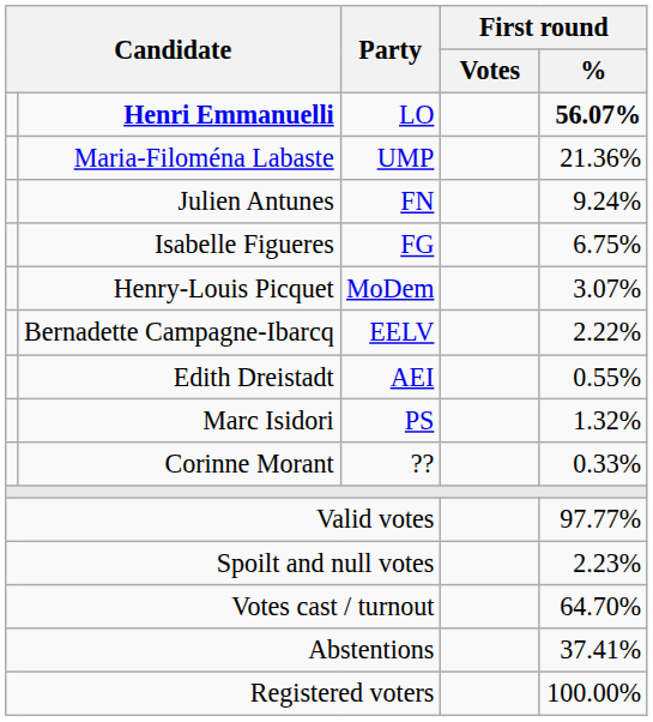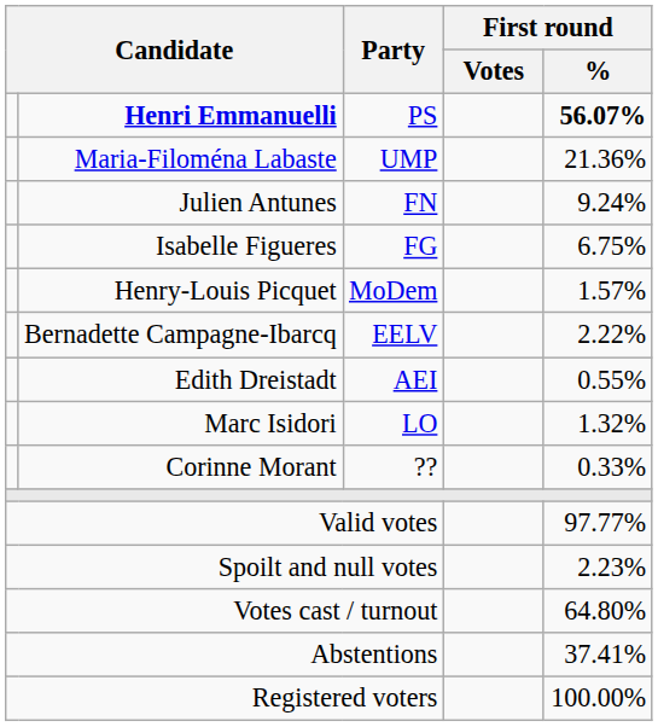 <table class="wikitable" style="text-align:right;font-size:95%;">
 <tr>
 <th rowspan=2 colspan=2>Candidate</th>
 <th rowspan=2 colspan=1>Party</th>
 <th colspan=2>First round</th>
 </tr>
 <tr>
 <th style="width:50px;">Votes</th>
 <th style="width:55px;">%</th>
 </tr>
 <tr>
 <td style="color:inherit;background-color:"></td>
 <td><strong><a href='#'>Henri Emmanuelli</a></strong></td>
-<td><a href='#'>LO</a></td>
+<td><a href='#'>PS</a></td>
 <td><strong></strong></td>
 <td><strong>56.07%</strong></td>
 </tr>
 <tr>
 <td style="color:inherit;background-color:"></td>
 <td><a href='#'>Maria-Filoména Labaste</a></td>
 <td><a href='#'>UMP</a></td>
 <td></td>
 <td>21.36%</td>
 </tr>
 <tr>
 <td style="color:inherit;background-color:"></td>
 <td>Julien Antunes</td>
 <td><a href='#'>FN</a></td>
 <td></td>
 <td>9.24%</td>
 </tr>
 <tr>
 <td style="color:inherit;background-color:"></td>
 <td>Isabelle Figueres</td>
 <td><a href='#'>FG</a></td>
 <td></td>
 <td>6.75%</td>
 </tr>
 <tr>
 <td style="color:inherit;background-color:"></td>
 <td>Henry-Louis Picquet</td>
 <td><a href='#'>MoDem</a></td>
 <td></td>
-<td>3.07%</td>
+<td>1.57%</td>
 </tr>
 <tr>
 <td style="color:inherit;background-color:"></td>
 <td>Bernadette Campagne-Ibarcq</td>
 <td><a href='#'>EELV</a></td>
 <td></td>
 <td>2.22%</td>
 </tr>
 <tr>
 <td style="color:inherit;background-color:"></td>
 <td>Edith Dreistadt</td>
 <td><a href='#'>AEI</a></td>
 <td></td>
 <td>0.55%</td>
 </tr>
 <tr>
 <td style="color:inherit;background-color:"></td>
 <td>Marc Isidori</td>
-<td><a href='#'>PS</a></td>
+<td><a href='#'>LO</a></td>
 <td></td>
 <td>1.32%</td>
 </tr>
 <tr>
 <td style="background-color:;"></td>
 <td>Corinne Morant</td>
 <td>??</td>
 <td></td>
 <td>0.33%</td>
 </tr>
 <tr>
 <td colspan=5 style="background-color:#E9E9E9;"></td>
 </tr>
 <tr>
 <td colspan=3>Valid votes</td>
 <td></td>
 <td>97.77%</td>
 </tr>
 <tr>
 <td colspan=3>Spoilt and null votes</td>
 <td></td>
 <td>2.23%</td>
 </tr>
 <tr>
 <td colspan=3>Votes cast / turnout</td>
 <td></td>
-<td>64.70%</td>
+<td>64.80%</td>
 </tr>
 <tr>
 <td colspan=3>Abstentions</td>
 <td></td>
 <td>37.41%</td>
 </tr>
 <tr>
 <td colspan=3>Registered voters</td>
 <td></td>
 <td>100.00%</td>
 </tr>
 </table>
